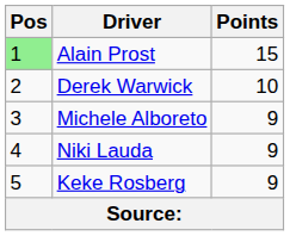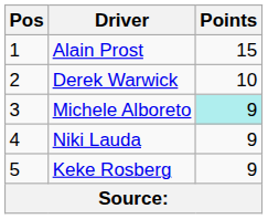 <table class="wikitable" style="font-size: 95%;">
 <tr>
 <th>Pos</th>
 <th>Driver</th>
 <th>Points</th>
 </tr>
 <tr>
-<td style="background: lightgreen;">1</td>
+<td>1</td>
 <td> <a href='#'>Alain Prost</a></td>
 <td align="right">15</td>
 </tr>
 <tr>
 <td>2</td>
 <td> <a href='#'>Derek Warwick</a></td>
 <td align="right">10</td>
 </tr>
 <tr>
 <td>3</td>
 <td> <a href='#'>Michele Alboreto</a></td>
-<td align="right">9</td>
+<td align="right" style="background: paleturquoise;">9</td>
 </tr>
 <tr>
 <td>4</td>
 <td> <a href='#'>Niki Lauda</a></td>
 <td align="right">9</td>
 </tr>
 <tr>
 <td>5</td>
 <td> <a href='#'>Keke Rosberg</a></td>
 <td align="right">9</td>
 </tr>
 <tr>
 <th colspan=4>Source: </th>
 </tr>
 </table>
